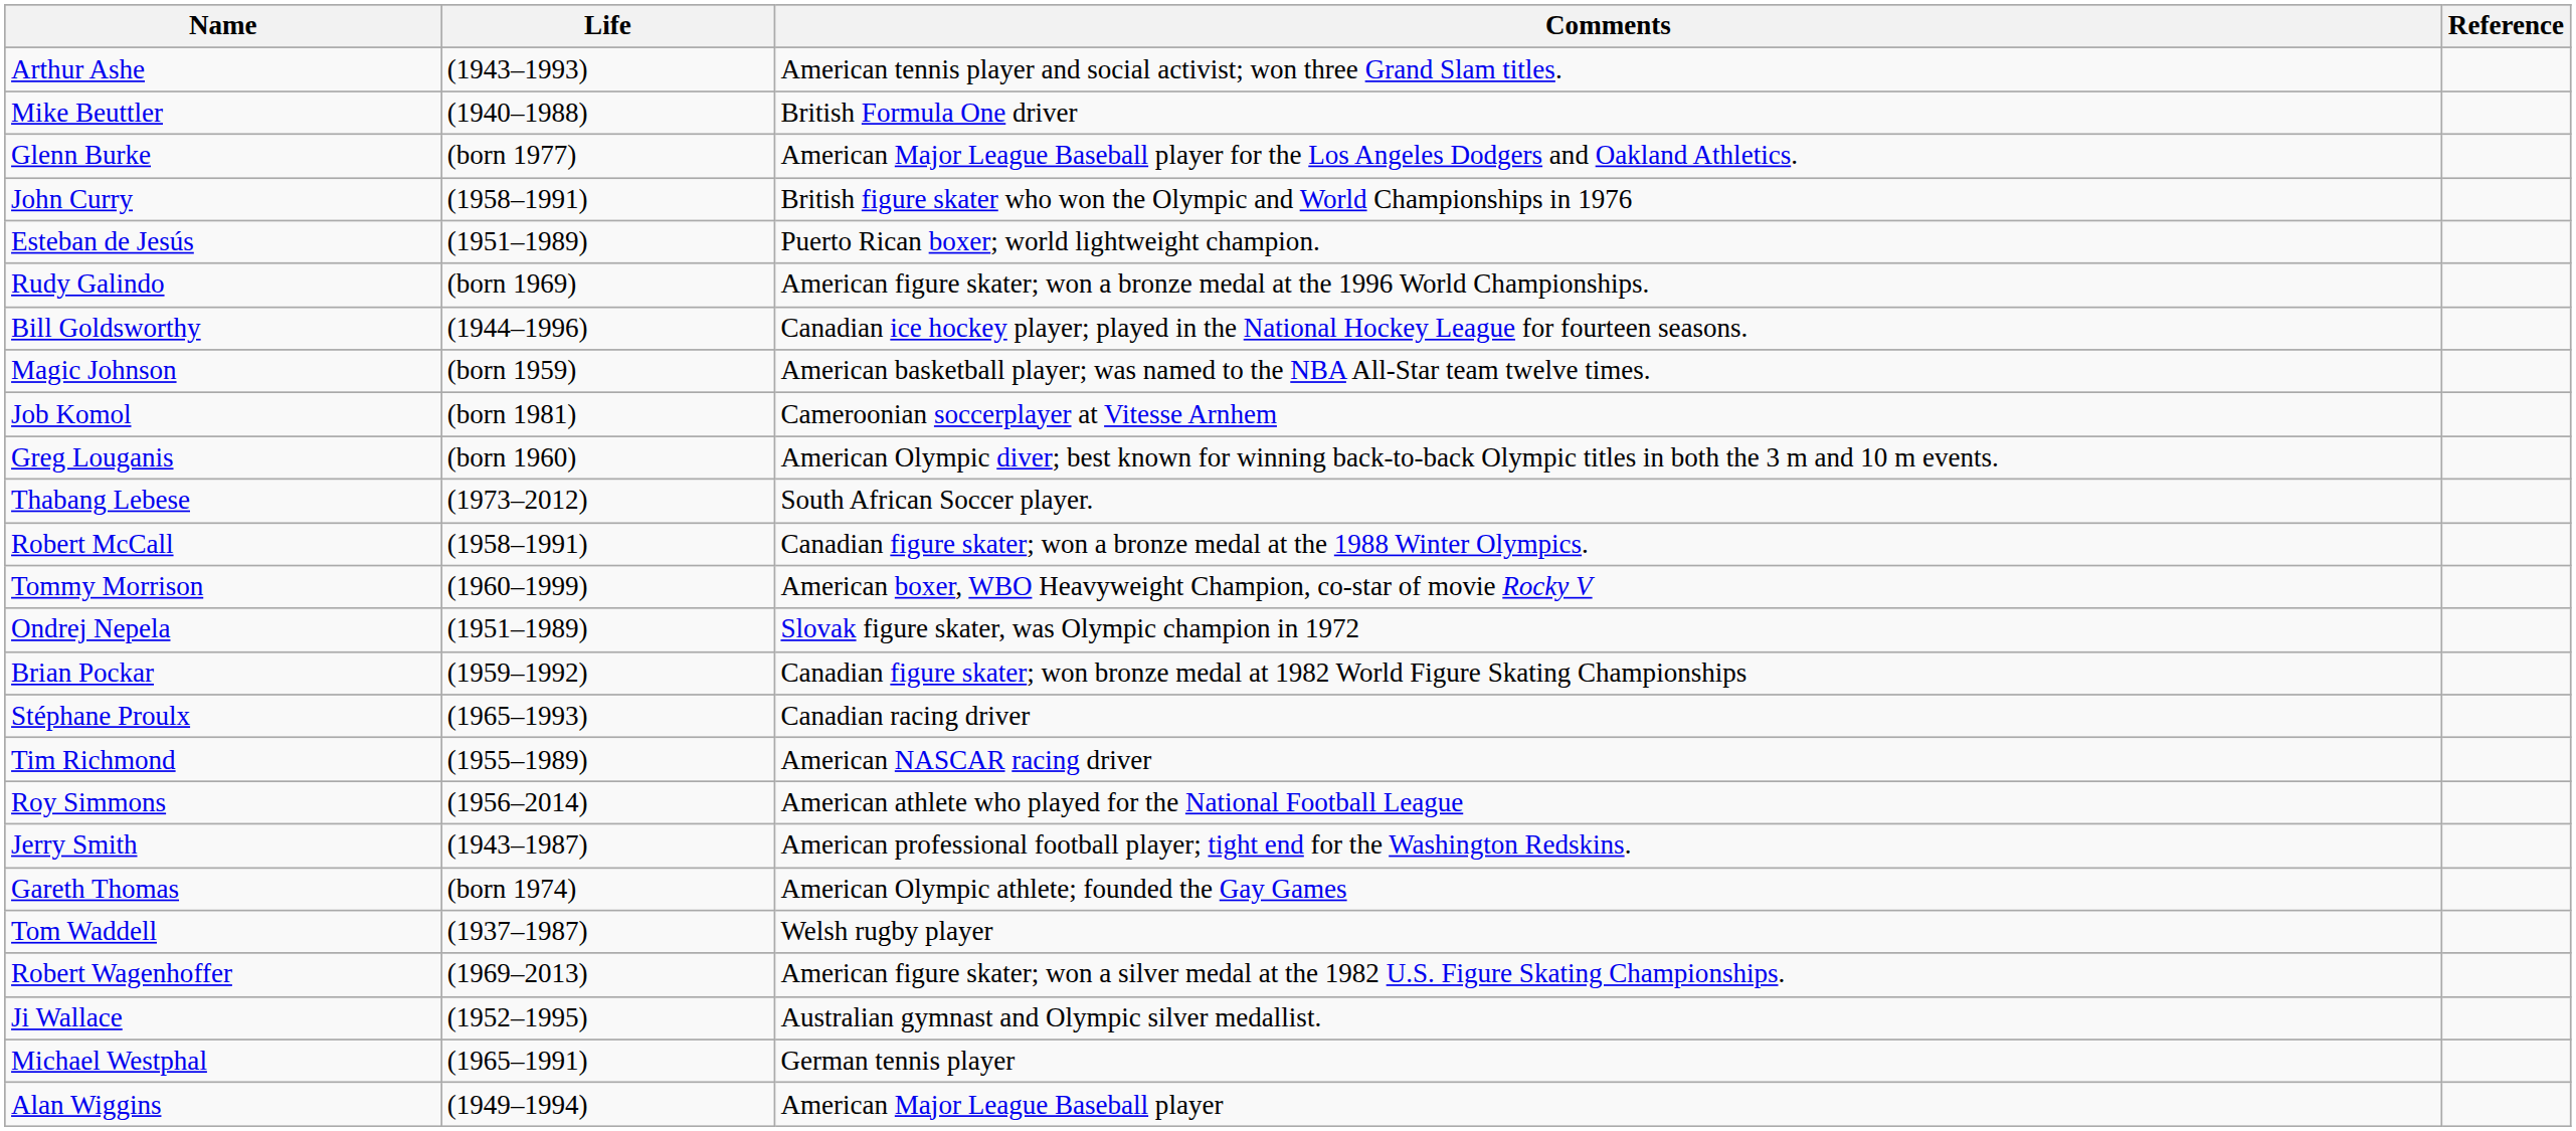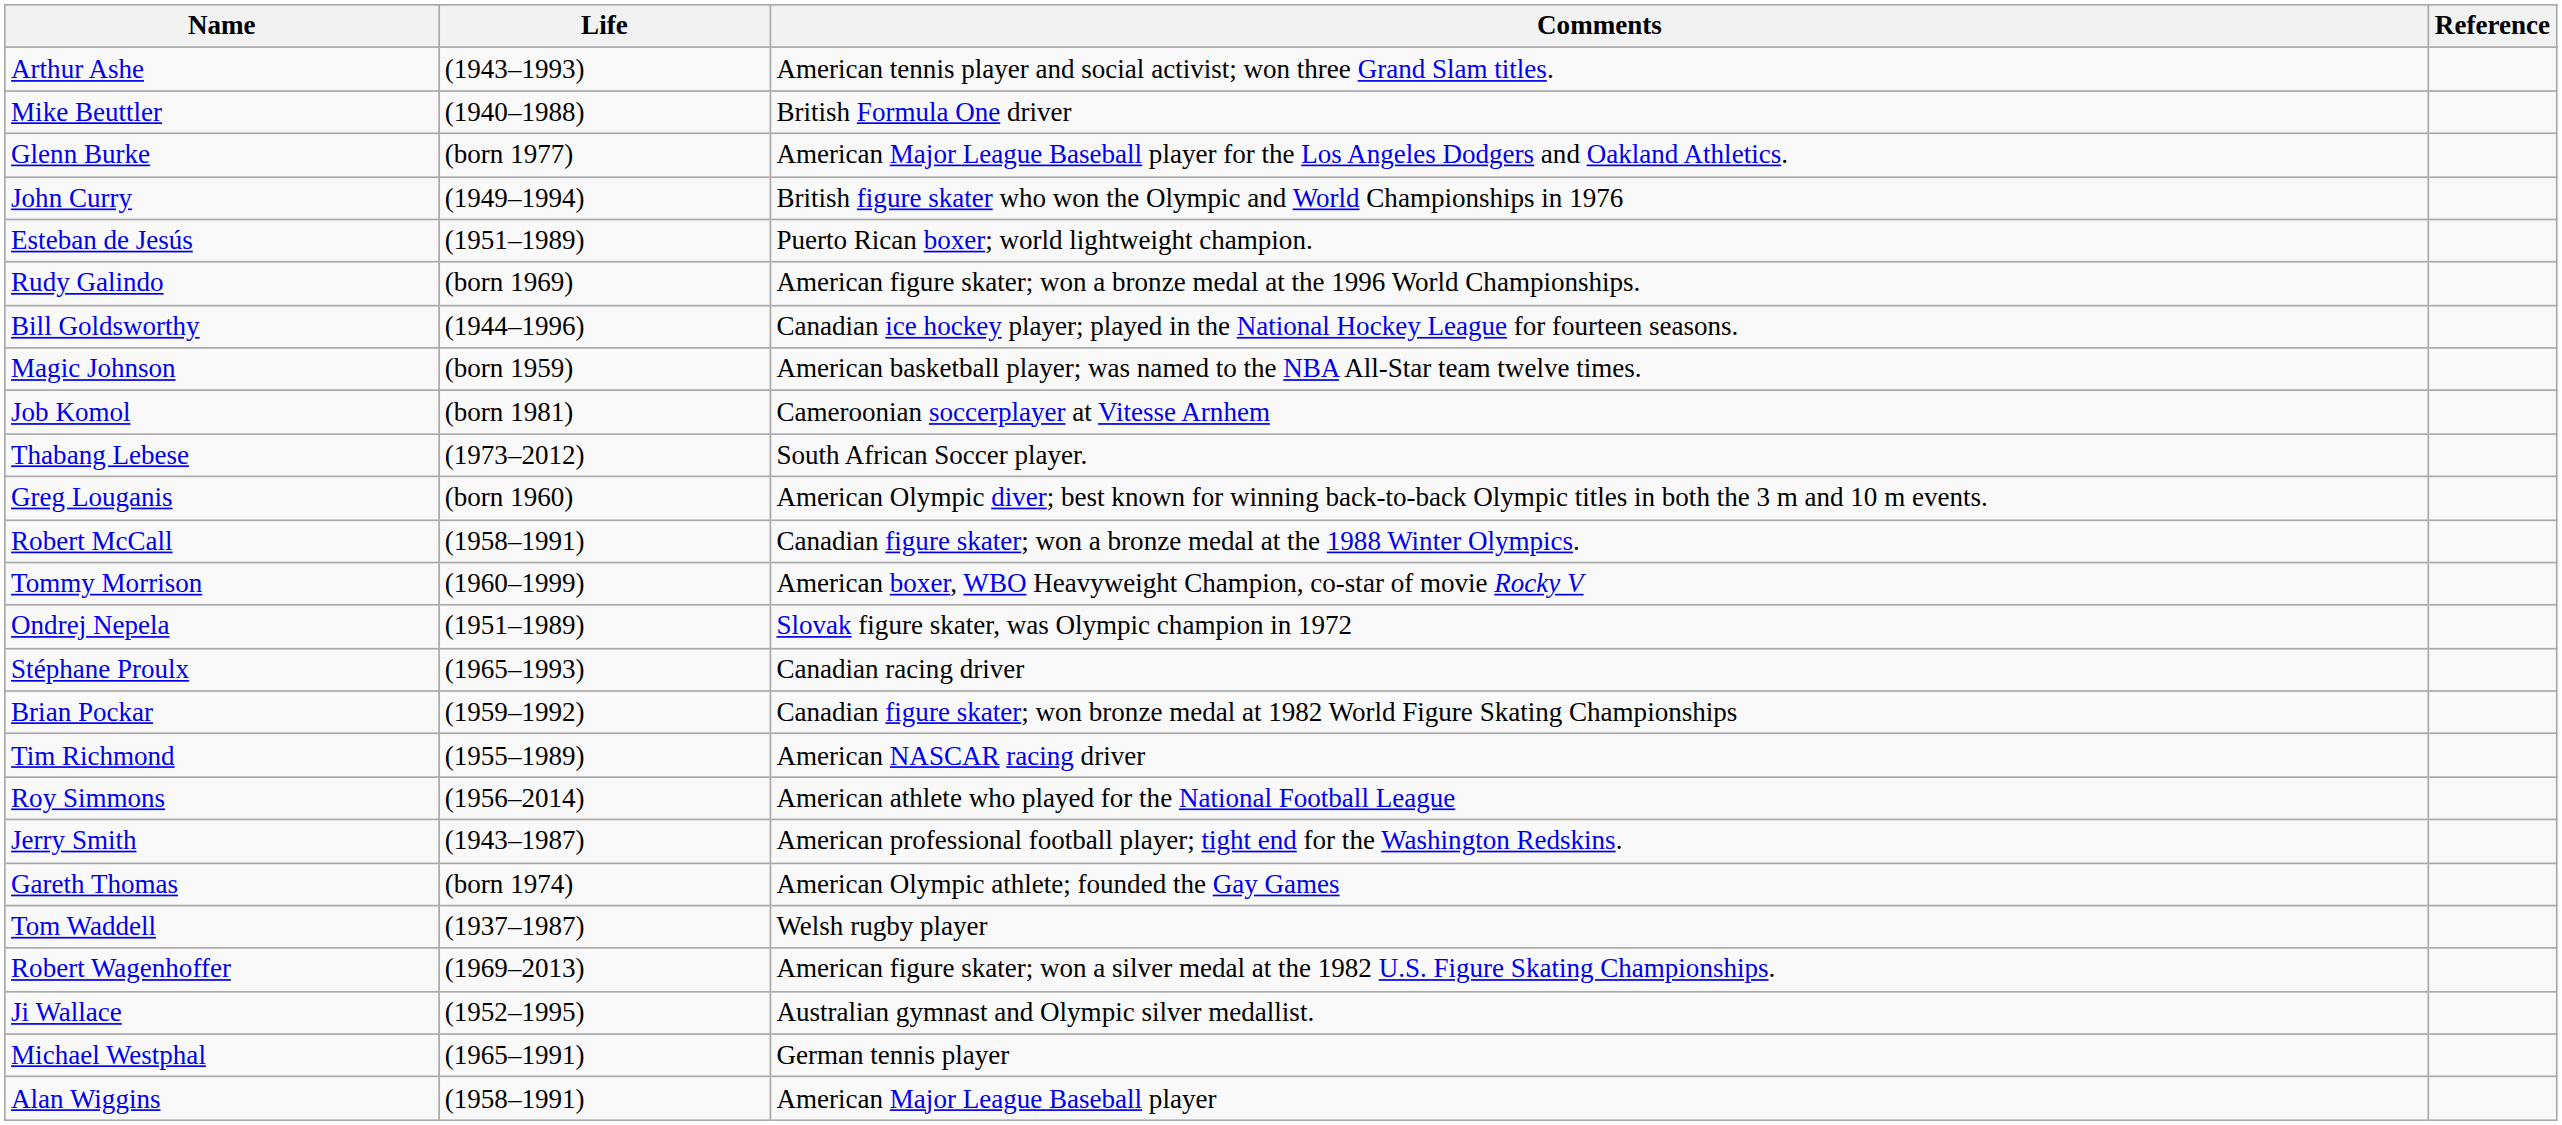 <table class=wikitable>
 <tr>
 <th style="width:17%;">Name</th>
 <th style="width:13%;">Life</th>
 <th style="width:65%;">Comments</th>
 <th style="width:5%;">Reference</th>
 </tr>
 <tr valign="top">
 <td><a href='#'>Arthur Ashe</a></td>
 <td>(1943–1993)</td>
 <td>American tennis player and social activist; won three <a href='#'>Grand Slam titles</a>.</td>
 <td></td>
 </tr>
 <tr valign="top">
 <td><a href='#'>Mike Beuttler</a></td>
 <td>(1940–1988)</td>
 <td>British <a href='#'>Formula One</a> driver</td>
 <td></td>
 </tr>
 <tr valign="top">
 <td><a href='#'>Glenn Burke</a></td>
 <td>(born 1977)</td>
 <td>American <a href='#'>Major League Baseball</a> player for the <a href='#'>Los Angeles Dodgers</a> and <a href='#'>Oakland Athletics</a>.</td>
 <td></td>
 </tr>
 <tr valign="top">
 <td><a href='#'>John Curry</a></td>
-<td>(1958–1991)</td>
+<td>(1949–1994)</td>
 <td>British <a href='#'>figure skater</a> who won the Olympic and <a href='#'>World</a> Championships in 1976</td>
 <td></td>
 </tr>
 <tr valign="top">
 <td><a href='#'>Esteban de Jesús</a></td>
 <td>(1951–1989)</td>
 <td>Puerto Rican <a href='#'>boxer</a>; world lightweight champion.</td>
 <td></td>
 </tr>
 <tr valign="top">
 <td><a href='#'>Rudy Galindo</a></td>
 <td>(born 1969)</td>
 <td>American figure skater; won a bronze medal at the 1996 World Championships.</td>
 <td></td>
 </tr>
 <tr valign="top">
 <td><a href='#'>Bill Goldsworthy</a></td>
 <td>(1944–1996)</td>
 <td>Canadian <a href='#'>ice hockey</a> player; played in the <a href='#'>National Hockey League</a> for fourteen seasons.</td>
 <td></td>
 </tr>
 <tr valign="top">
 <td><a href='#'>Magic Johnson</a></td>
 <td>(born 1959)</td>
 <td>American basketball player; was named to the <a href='#'>NBA</a> All-Star team twelve times.</td>
 <td></td>
 </tr>
 <tr valign="top">
 <td><a href='#'>Job Komol</a></td>
 <td>(born 1981)</td>
 <td>Cameroonian <a href='#'>soccerplayer</a> at <a href='#'>Vitesse Arnhem</a></td>
 <td></td>
 </tr>
 <tr valign="top">
+<td><a href='#'>Thabang Lebese</a></td>
+<td>(1973–2012)</td>
+<td>South African Soccer player.</td>
+<td></td>
+</tr>
+<tr valign="top">
 <td><a href='#'>Greg Louganis</a></td>
 <td>(born 1960)</td>
 <td>American Olympic <a href='#'>diver</a>; best known for winning back-to-back Olympic titles in both the 3 m and 10 m events.</td>
-<td></td>
-</tr>
-<tr valign="top">
-<td><a href='#'>Thabang Lebese</a></td>
-<td>(1973–2012)</td>
-<td>South African Soccer player.</td>
 <td></td>
 </tr>
 <tr valign="top">
 <td><a href='#'>Robert McCall</a></td>
 <td>(1958–1991)</td>
 <td>Canadian <a href='#'>figure skater</a>; won a bronze medal at the <a href='#'>1988 Winter Olympics</a>.</td>
 <td></td>
 </tr>
 <tr valign="top">
 <td><a href='#'>Tommy Morrison</a></td>
 <td>(1960–1999)</td>
 <td>American <a href='#'>boxer</a>, <a href='#'>WBO</a> Heavyweight Champion, co-star of movie <em><a href='#'>Rocky V</a></em></td>
 <td></td>
 </tr>
 <tr valign="top">
 <td><a href='#'>Ondrej Nepela</a></td>
 <td>(1951–1989)</td>
 <td><a href='#'>Slovak</a> figure skater, was Olympic champion in 1972</td>
 <td></td>
 </tr>
+<tr>
+<td><a href='#'>Stéphane Proulx</a></td>
+<td>(1965–1993)</td>
+<td>Canadian racing driver</td>
+<td></td>
+</tr>
 <tr valign="top">
 <td><a href='#'>Brian Pockar</a></td>
 <td>(1959–1992)</td>
 <td>Canadian <a href='#'>figure skater</a>; won bronze medal at 1982 World Figure Skating Championships</td>
-<td></td>
-</tr>
-<tr>
-<td><a href='#'>Stéphane Proulx</a></td>
-<td>(1965–1993)</td>
-<td>Canadian racing driver</td>
 <td></td>
 </tr>
 <tr valign="top">
 <td><a href='#'>Tim Richmond</a></td>
 <td>(1955–1989)</td>
 <td>American <a href='#'>NASCAR</a> <a href='#'>racing</a> driver</td>
 <td></td>
 </tr>
 <tr valign="top">
 <td><a href='#'>Roy Simmons</a></td>
 <td>(1956–2014)</td>
 <td>American athlete who played for the <a href='#'>National Football League</a></td>
 <td></td>
 </tr>
 <tr valign="top">
 <td><a href='#'>Jerry Smith</a></td>
 <td>(1943–1987)</td>
 <td>American professional football player; <a href='#'>tight end</a> for the <a href='#'>Washington Redskins</a>.</td>
 <td></td>
 </tr>
 <tr valign="top">
 <td><a href='#'>Gareth Thomas</a></td>
 <td>(born 1974)</td>
 <td>American Olympic athlete; founded the <a href='#'>Gay Games</a></td>
 <td></td>
 </tr>
 <tr valign="top">
 <td><a href='#'>Tom Waddell</a></td>
 <td>(1937–1987)</td>
 <td>Welsh rugby player</td>
 <td></td>
 </tr>
 <tr valign="top">
 <td><a href='#'>Robert Wagenhoffer</a></td>
 <td>(1969–2013)</td>
 <td>American figure skater; won a silver medal at the 1982 <a href='#'>U.S. Figure Skating Championships</a>.</td>
 <td></td>
 </tr>
 <tr valign="top">
 <td><a href='#'>Ji Wallace</a></td>
 <td>(1952–1995)</td>
 <td>Australian gymnast and Olympic silver medallist.</td>
 <td></td>
 </tr>
 <tr valign="top">
 <td><a href='#'>Michael Westphal</a></td>
 <td>(1965–1991)</td>
 <td>German tennis player</td>
 <td></td>
 </tr>
 <tr valign="top">
 <td><a href='#'>Alan Wiggins</a></td>
-<td>(1949–1994)</td>
+<td>(1958–1991)</td>
 <td>American <a href='#'>Major League Baseball</a> player</td>
 <td></td>
 </tr>
 </table>
